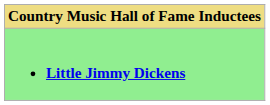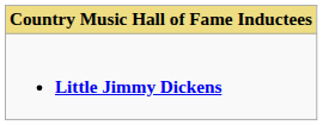 <table class="wikitable">
 <tr>
 <th style="background:#EEDD82; width=50%">Country Music Hall of Fame Inductees</th>
 </tr>
 <tr>
-<td valign="top" style="background: lightgreen;"><br><ul><li><strong><a href='#'>Little Jimmy Dickens</a></strong></li></ul></td>
+<td valign="top"><br><ul><li><strong><a href='#'>Little Jimmy Dickens</a></strong></li></ul></td>
 </tr>
 </table>
